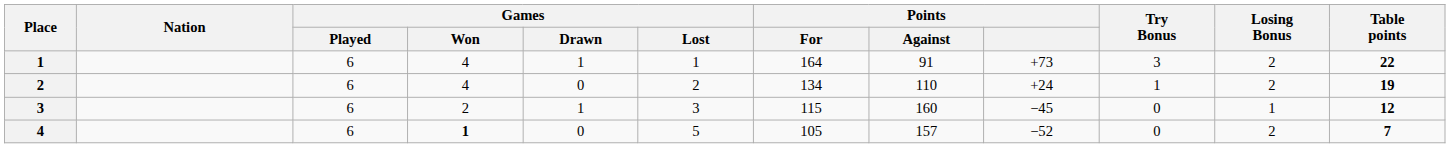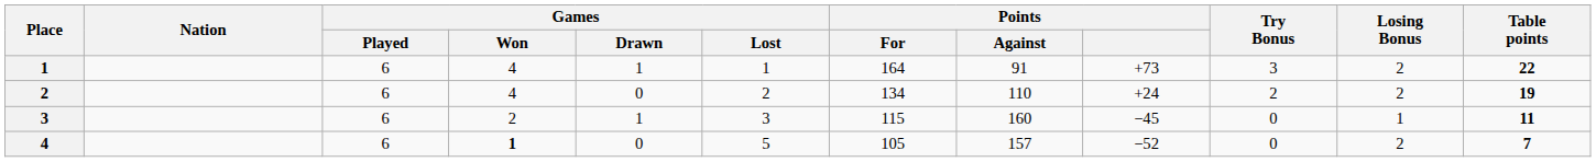 <table class="wikitable" style="width:100%;">
 <tr>
 <th rowspan="2" style="width:5%;">Place</th>
 <th rowspan="2" style="width:15%;">Nation</th>
 <th colspan="4" style="width:32%;">Games</th>
 <th colspan="3" style="width:18%;">Points</th>
 <th rowspan="2" style="width:8%;">Try<br>Bonus</th>
 <th rowspan="2" style="width:8%;">Losing<br>Bonus</th>
 <th rowspan="2" style="width:10%;">Table<br>points</th>
 </tr>
 <tr>
 <th style="width:8%;">Played</th>
 <th style="width:8%;">Won</th>
 <th style="width:8%;">Drawn</th>
 <th style="width:8%;">Lost</th>
 <th style="width:8%;">For</th>
 <th style="width:8%;">Against</th>
 <th style="width:8%;"></th>
 </tr>
 <tr align=center>
 <th scope="row">1</th>
 <td align=left></td>
 <td>6</td>
 <td>4</td>
 <td>1</td>
 <td>1</td>
 <td>164</td>
 <td>91</td>
 <td>+73</td>
 <td>3</td>
 <td>2</td>
 <td><strong>22</strong></td>
 </tr>
 <tr align=center>
 <th scope="row">2</th>
 <td align=left></td>
 <td>6</td>
 <td>4</td>
 <td>0</td>
 <td>2</td>
 <td>134</td>
 <td>110</td>
 <td>+24</td>
-<td>1</td>
+<td>2</td>
 <td>2</td>
 <td><strong>19</strong></td>
 </tr>
 <tr align=center>
 <th scope="row">3</th>
 <td align=left></td>
 <td>6</td>
 <td>2</td>
 <td>1</td>
 <td>3</td>
 <td>115</td>
 <td>160</td>
 <td>−45</td>
 <td>0</td>
 <td>1</td>
-<td><strong>12</strong></td>
+<td><strong>11</strong></td>
 </tr>
 <tr align=center>
 <th scope="row">4</th>
 <td align=left></td>
 <td>6</td>
 <td><strong>1</strong></td>
 <td>0</td>
 <td>5</td>
 <td>105</td>
 <td>157</td>
 <td>−52</td>
 <td>0</td>
 <td>2</td>
 <td><strong>7</strong></td>
 </tr>
 </table>
